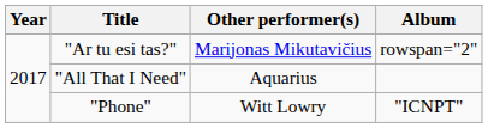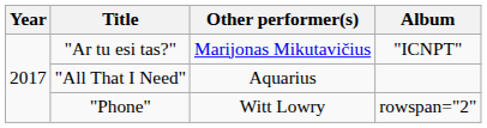 <table class="wikitable plainrowheaders" style="text-align:center;">
 <tr>
 <th scope="col">Year</th>
 <th scope="col">Title</th>
 <th scope="col">Other performer(s)</th>
 <th scope="col">Album</th>
 </tr>
 <tr>
 <td rowspan="3">2017</td>
 <td scope="row">"Ar tu esi tas?"</td>
 <td><a href='#'>Marijonas Mikutavičius</a></td>
-<td>rowspan="2" </td>
+<td>"ICNPT"</td>
 </tr>
 <tr>
 <td scope="row">"All That I Need"</td>
 <td>Aquarius</td>
 </tr>
 <tr>
 <td scope="row">"Phone"</td>
 <td>Witt Lowry</td>
-<td>"ICNPT"</td>
+<td>rowspan="2" </td>
 </tr>
 </table>
